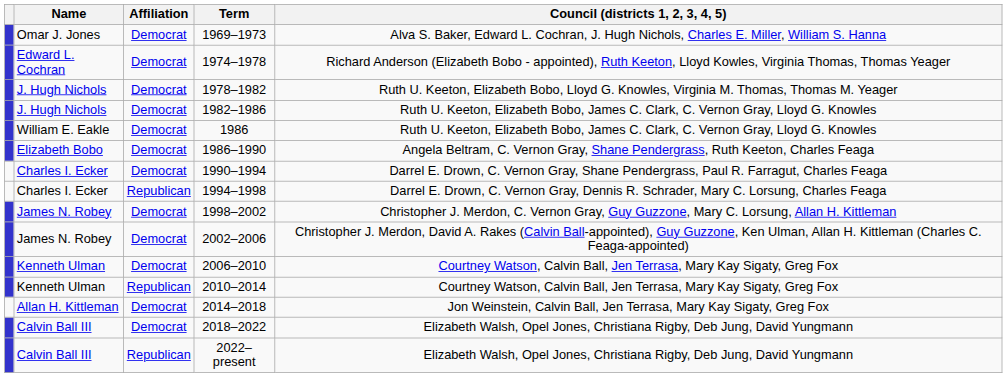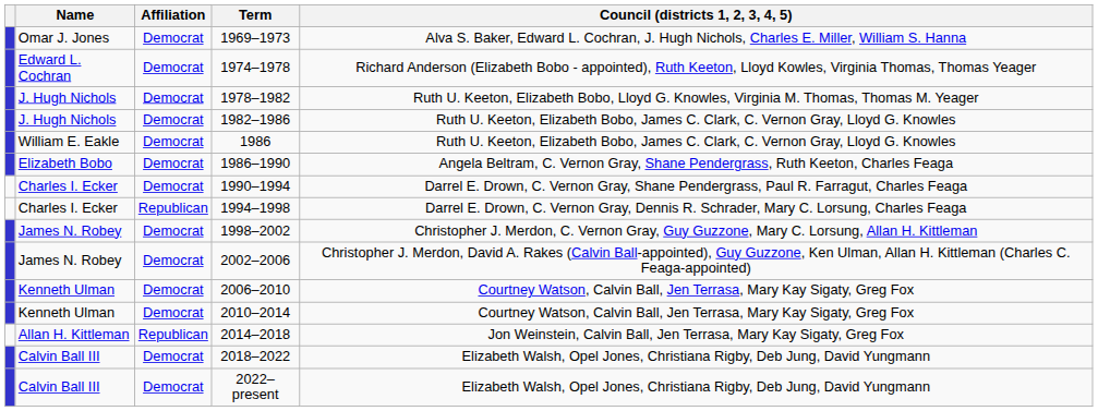 <table class=wikitable>
 <tr>
 <th></th>
 <th style="text-align:center;">Name</th>
 <th valign=bottom>Affiliation</th>
 <th style="vertical-align:bottom; text-align:center;">Term</th>
 <th style="vertical-align:bottom; text-align:center;">Council (districts 1, 2, 3, 4, 5)</th>
 </tr>
 <tr>
 <td style="background:#33c;"> </td>
 <td>Omar J. Jones</td>
 <td style="text-align:center;"><a href='#'>Democrat</a></td>
 <td style="text-align:center;">1969–1973</td>
 <td style="text-align:center;">Alva S. Baker, Edward L. Cochran, J. Hugh Nichols, <a href='#'>Charles E. Miller</a>, <a href='#'>William S. Hanna</a></td>
 </tr>
 <tr>
 <td style="background:#33c;"> </td>
 <td><a href='#'>Edward L. Cochran</a></td>
 <td style="text-align:center;"><a href='#'>Democrat</a></td>
 <td style="text-align:center;">1974–1978</td>
 <td style="text-align:center;">Richard Anderson (Elizabeth Bobo - appointed), <a href='#'>Ruth Keeton</a>, Lloyd Kowles, Virginia Thomas, Thomas Yeager</td>
 </tr>
 <tr>
 <td style="background:#33c;"> </td>
 <td><a href='#'>J. Hugh Nichols</a></td>
 <td style="text-align:center;"><a href='#'>Democrat</a></td>
 <td style="text-align:center;">1978–1982</td>
 <td style="text-align:center;">Ruth U. Keeton, Elizabeth Bobo, Lloyd G. Knowles, Virginia M. Thomas, Thomas M. Yeager</td>
 </tr>
 <tr>
 <td style="background:#33c;"> </td>
 <td><a href='#'>J. Hugh Nichols</a></td>
 <td style="text-align:center;"><a href='#'>Democrat</a></td>
 <td style="text-align:center;">1982–1986</td>
 <td style="text-align:center;">Ruth U. Keeton, Elizabeth Bobo, James C. Clark, C. Vernon Gray, Lloyd G. Knowles</td>
 </tr>
 <tr>
 <td style="background:#33c;"> </td>
 <td>William E. Eakle</td>
 <td style="text-align:center;"><a href='#'>Democrat</a></td>
 <td style="text-align:center;">1986</td>
 <td style="text-align:center;">Ruth U. Keeton, Elizabeth Bobo, James C. Clark, C. Vernon Gray, Lloyd G. Knowles</td>
 </tr>
 <tr>
 <td style="background:#33c;"> </td>
 <td><a href='#'>Elizabeth Bobo</a></td>
 <td style="text-align:center;"><a href='#'>Democrat</a></td>
 <td style="text-align:center;">1986–1990</td>
 <td style="text-align:center;">Angela Beltram, C. Vernon Gray, <a href='#'>Shane Pendergrass</a>, Ruth Keeton, Charles Feaga</td>
 </tr>
 <tr>
 <td style="background-color:"> </td>
 <td><a href='#'>Charles I. Ecker</a></td>
 <td style="text-align:center;"><a href='#'>Democrat</a></td>
 <td style="text-align:center;">1990–1994</td>
 <td style="text-align:center;">Darrel E. Drown, C. Vernon Gray, Shane Pendergrass, Paul R. Farragut, Charles Feaga</td>
 </tr>
 <tr>
 <td style="background-color:"> </td>
 <td>Charles I. Ecker</td>
 <td style="text-align:center;"><a href='#'>Republican</a></td>
 <td style="text-align:center;">1994–1998</td>
 <td style="text-align:center;">Darrel E. Drown, C. Vernon Gray, Dennis R. Schrader, Mary C. Lorsung, Charles Feaga</td>
 </tr>
 <tr>
 <td style="background:#33c;"> </td>
 <td><a href='#'>James N. Robey</a></td>
 <td style="text-align:center;"><a href='#'>Democrat</a></td>
 <td style="text-align:center;">1998–2002</td>
 <td style="text-align:center;">Christopher J. Merdon, C. Vernon Gray, <a href='#'>Guy Guzzone</a>, Mary C. Lorsung, <a href='#'>Allan H. Kittleman</a></td>
 </tr>
 <tr>
 <td style="background:#33c;"> </td>
 <td>James N. Robey</td>
 <td style="text-align:center;"><a href='#'>Democrat</a></td>
 <td style="text-align:center;">2002–2006</td>
 <td style="text-align:center;">Christopher J. Merdon, David A. Rakes (<a href='#'>Calvin Ball</a>-appointed), <a href='#'>Guy Guzzone</a>, Ken Ulman, Allan H. Kittleman (Charles C. Feaga-appointed)</td>
 </tr>
 <tr>
 <td style="background:#33c;"> </td>
 <td><a href='#'>Kenneth Ulman</a></td>
 <td style="text-align:center;"><a href='#'>Democrat</a></td>
 <td style="text-align:center;">2006–2010</td>
 <td style="text-align:center;"><a href='#'>Courtney Watson</a>, Calvin Ball, <a href='#'>Jen Terrasa</a>, Mary Kay Sigaty, Greg Fox</td>
 </tr>
 <tr>
 <td style="background:#33c;"> </td>
 <td>Kenneth Ulman</td>
-<td style="text-align:center;"><a href='#'>Republican</a></td>
+<td style="text-align:center;"><a href='#'>Democrat</a></td>
 <td style="text-align:center;">2010–2014</td>
 <td style="text-align:center;">Courtney Watson, Calvin Ball, Jen Terrasa, Mary Kay Sigaty, Greg Fox</td>
 </tr>
 <tr>
 <td style="background:"> </td>
 <td><a href='#'>Allan H. Kittleman</a></td>
-<td style="text-align:center;"><a href='#'>Democrat</a></td>
+<td style="text-align:center;"><a href='#'>Republican</a></td>
 <td style="text-align:center;">2014–2018</td>
 <td style="text-align:center;">Jon Weinstein, Calvin Ball, Jen Terrasa, Mary Kay Sigaty, Greg Fox</td>
 </tr>
 <tr>
 <td style="background:#33c;"> </td>
 <td><a href='#'>Calvin Ball III</a></td>
 <td style="text-align:center;"><a href='#'>Democrat</a></td>
 <td style="text-align:center;">2018–2022</td>
 <td style="text-align:center;">Elizabeth Walsh, Opel Jones, Christiana Rigby, Deb Jung, David Yungmann</td>
 </tr>
 <tr>
 <td style="background:#33c;"> </td>
 <td><a href='#'>Calvin Ball III</a></td>
-<td style="text-align:center;"><a href='#'>Republican</a></td>
+<td style="text-align:center;"><a href='#'>Democrat</a></td>
 <td style="text-align:center;">2022–present</td>
 <td style="text-align:center;">Elizabeth Walsh, Opel Jones, Christiana Rigby, Deb Jung, David Yungmann</td>
 </tr>
 </table>
